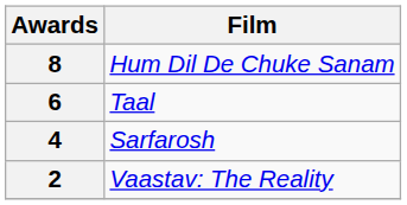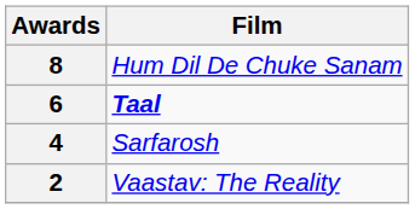 <table class="wikitable" style="display:inline-table;">
 <tr>
 <th>Awards</th>
 <th>Film</th>
 </tr>
 <tr>
 <th>8</th>
 <td><em><a href='#'>Hum Dil De Chuke Sanam</a></em></td>
 </tr>
 <tr>
 <th>6</th>
-<td><em><a href='#'>Taal</a></em></td>
+<td><strong><em><a href='#'>Taal</a></em></strong></td>
 </tr>
 <tr>
 <th>4</th>
 <td><em><a href='#'>Sarfarosh</a></em></td>
 </tr>
 <tr>
 <th>2</th>
 <td><em><a href='#'>Vaastav: The Reality</a></em></td>
 </tr>
 <tr>
 </tr>
 </table>
